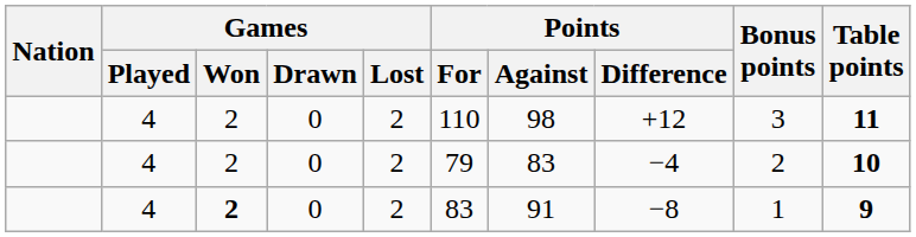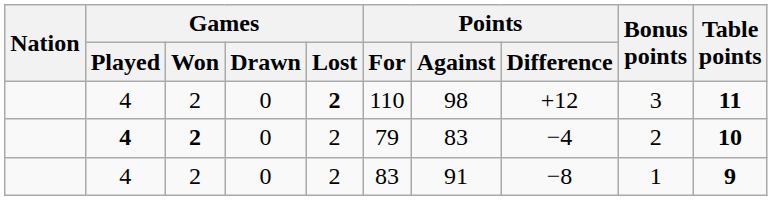 <table class="wikitable" style="text-align:center">
 <tr>
 <th rowspan=2>Nation</th>
 <th colspan=4>Games</th>
 <th colspan=3>Points</th>
 <th rowspan=2>Bonus<br>points</th>
 <th rowspan=2>Table<br>points</th>
 </tr>
 <tr>
 <th>Played</th>
 <th>Won</th>
 <th>Drawn</th>
 <th>Lost</th>
 <th>For</th>
 <th>Against</th>
 <th>Difference</th>
 </tr>
 <tr>
 <td align=left></td>
 <td>4</td>
 <td>2</td>
 <td>0</td>
-<td>2</td>
+<td><strong>2</strong></td>
 <td>110</td>
 <td>98</td>
 <td>+12</td>
 <td>3</td>
 <td><strong>11</strong></td>
 </tr>
 <tr>
 <td align=left></td>
-<td>4</td>
-<td>2</td>
+<td><strong>4</strong></td>
+<td><strong>2</strong></td>
 <td>0</td>
 <td>2</td>
 <td>79</td>
 <td>83</td>
 <td>−4</td>
 <td>2</td>
 <td><strong>10</strong></td>
 </tr>
 <tr>
 <td align=left></td>
 <td>4</td>
-<td><strong>2</strong></td>
+<td>2</td>
 <td>0</td>
 <td>2</td>
 <td>83</td>
 <td>91</td>
 <td>−8</td>
 <td>1</td>
 <td><strong>9</strong></td>
 </tr>
 </table>
